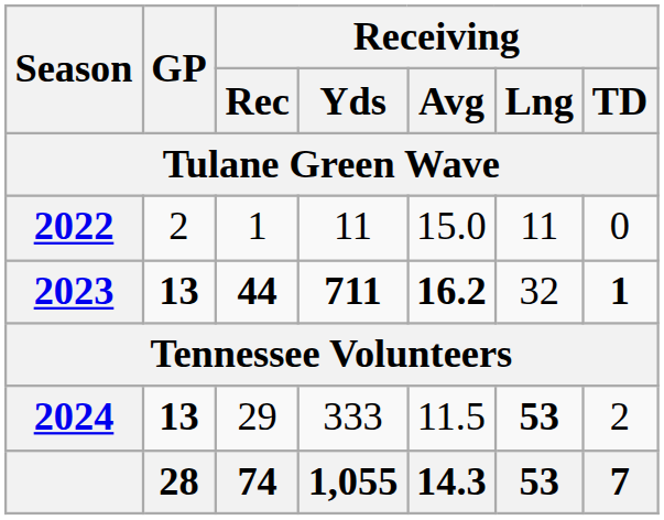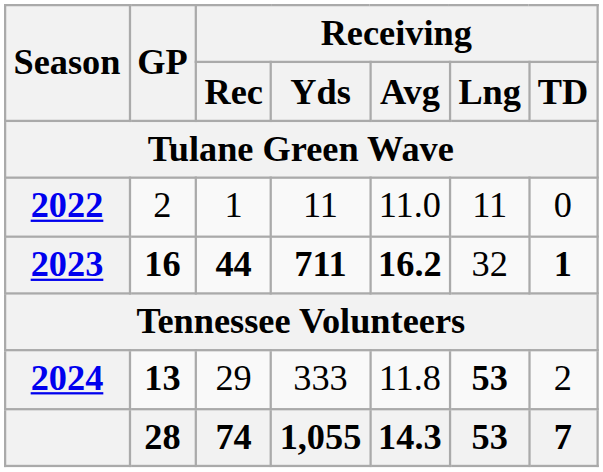 <table class="wikitable" style="text-align:center;">
 <tr>
 <th rowspan="2">Season</th>
 <th rowspan="2">GP</th>
 <th colspan="5">Receiving</th>
 </tr>
 <tr>
 <th>Rec</th>
 <th>Yds</th>
 <th>Avg</th>
 <th>Lng</th>
 <th>TD</th>
 </tr>
 <tr>
 <th colspan="20">Tulane Green Wave</th>
 </tr>
 <tr>
 <th><a href='#'>2022</a></th>
 <td>2</td>
 <td>1</td>
 <td>11</td>
-<td>15.0</td>
+<td>11.0</td>
 <td>11</td>
 <td>0</td>
 </tr>
 <tr>
 <th><a href='#'>2023</a></th>
-<td><strong>13</strong></td>
+<td><strong>16</strong></td>
 <td><strong>44</strong></td>
 <td><strong>711</strong></td>
 <td><strong>16.2</strong></td>
 <td>32</td>
 <td><strong>1</strong></td>
 </tr>
 <tr>
 <th colspan="20">Tennessee Volunteers</th>
 </tr>
 <tr>
 <th><a href='#'>2024</a></th>
 <td><strong>13</strong></td>
 <td>29</td>
 <td>333</td>
-<td>11.5</td>
+<td>11.8</td>
 <td><strong>53</strong></td>
 <td>2</td>
 </tr>
 <tr>
 <th></th>
 <th>28</th>
 <th>74</th>
 <th>1,055</th>
 <th>14.3</th>
 <th>53</th>
 <th>7</th>
 </tr>
 </table>
